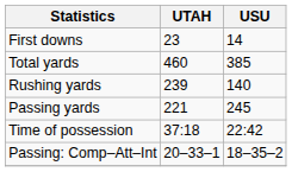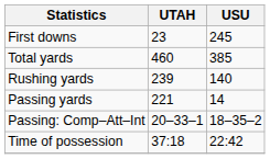 <table class="wikitable" style="float: left;">
 <tr>
 <th>Statistics</th>
 <th>UTAH</th>
 <th>USU</th>
 </tr>
 <tr>
 <td>First downs</td>
 <td>23</td>
-<td>14</td>
+<td>245</td>
 </tr>
 <tr>
 <td>Total yards</td>
 <td>460</td>
 <td>385</td>
 </tr>
 <tr>
 <td>Rushing yards</td>
 <td>239</td>
 <td>140</td>
 </tr>
 <tr>
 <td>Passing yards</td>
 <td>221</td>
-<td>245</td>
+<td>14</td>
+</tr>
+<tr>
+<td>Passing: Comp–Att–Int</td>
+<td>20–33–1</td>
+<td>18–35–2</td>
 </tr>
 <tr>
 <td>Time of possession</td>
 <td>37:18</td>
 <td>22:42</td>
 </tr>
 <tr>
-<td>Passing: Comp–Att–Int</td>
-<td>20–33–1</td>
-<td>18–35–2</td>
-</tr>
-<tr>
 </tr>
 </table>
